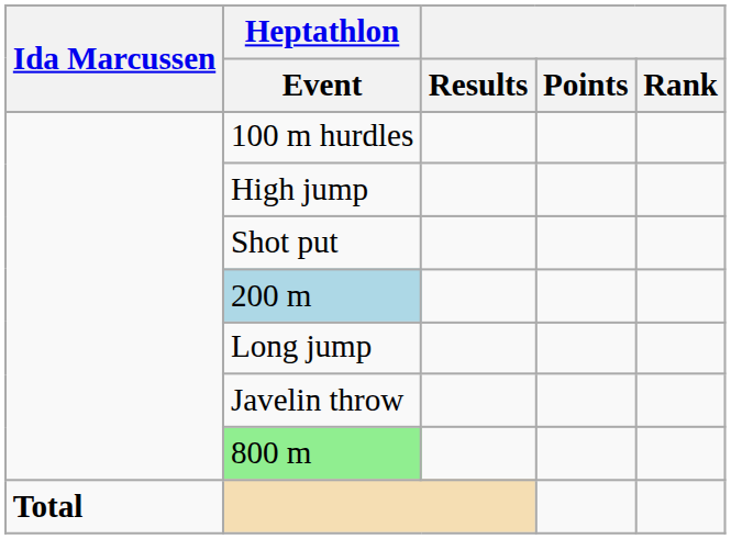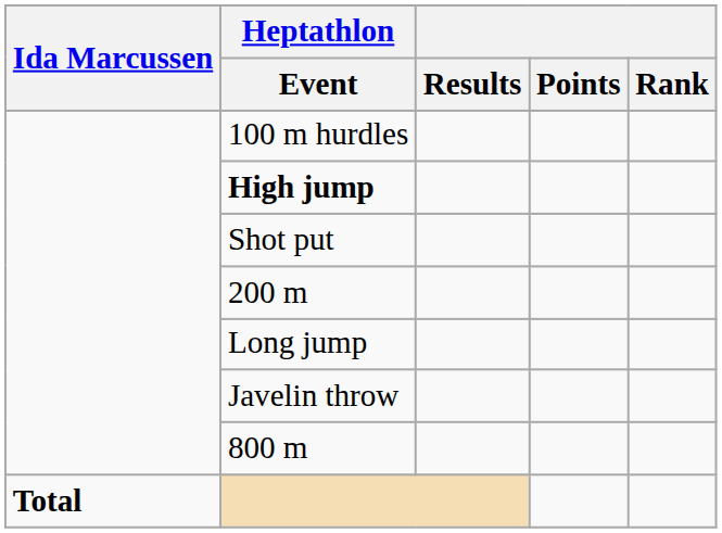 <table class=wikitable style="font-size:90%;">
 <tr>
 <th rowspan="2"><a href='#'>Ida Marcussen</a></th>
 <th><a href='#'>Heptathlon</a></th>
 <th colspan="3"></th>
 </tr>
 <tr>
 <th>Event</th>
 <th>Results</th>
 <th>Points</th>
 <th>Rank</th>
 </tr>
 <tr style="border-top: single;">
 <td rowspan="7"></td>
 <td>100 m hurdles</td>
 <td align=center></td>
 <td align=center></td>
 <td align=center></td>
 </tr>
 <tr>
-<td>High jump</td>
+<td><strong>High jump</strong></td>
 <td align=center></td>
 <td align=center></td>
 <td align=center></td>
 </tr>
 <tr>
 <td>Shot put</td>
 <td align=center></td>
 <td align=center></td>
 <td align=center></td>
 </tr>
 <tr>
-<td style="background: lightblue;">200 m</td>
+<td>200 m</td>
 <td align=center></td>
 <td align=center></td>
 <td align=center></td>
 </tr>
 <tr>
 <td>Long jump</td>
 <td align=center></td>
 <td align=center></td>
 <td align=center></td>
 </tr>
 <tr>
 <td>Javelin throw</td>
 <td align=center></td>
 <td align=center></td>
 <td align=center></td>
 </tr>
 <tr>
-<td style="background: lightgreen;">800 m</td>
+<td>800 m</td>
 <td align=center></td>
 <td align=center></td>
 <td align=center></td>
 </tr>
 <tr style="border-top: single;">
 <td><strong>Total</strong></td>
 <td colspan="2" style="background:wheat;"></td>
 <td align=center></td>
 <td align=center></td>
 </tr>
 </table>
